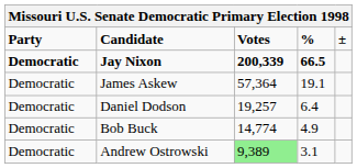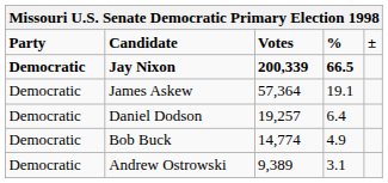 <table class="wikitable">
 <tr>
 <th colspan="5">Missouri U.S. Senate Democratic Primary Election 1998</th>
 </tr>
 <tr>
 <td><strong>Party</strong></td>
 <td><strong>Candidate</strong></td>
 <td><strong>Votes</strong></td>
 <td><strong>%</strong></td>
 <td><strong>±</strong></td>
 </tr>
 <tr>
 <td><strong>Democratic</strong></td>
 <td><strong>Jay Nixon</strong></td>
 <td><strong>200,339</strong></td>
 <td><strong>66.5</strong></td>
 <td></td>
 </tr>
 <tr>
 <td>Democratic</td>
 <td>James Askew</td>
 <td>57,364</td>
 <td>19.1</td>
 <td></td>
 </tr>
 <tr>
 <td>Democratic</td>
 <td>Daniel Dodson</td>
 <td>19,257</td>
 <td>6.4</td>
 <td></td>
 </tr>
 <tr>
 <td>Democratic</td>
 <td>Bob Buck</td>
 <td>14,774</td>
 <td>4.9</td>
 <td></td>
 </tr>
 <tr>
 <td>Democratic</td>
 <td>Andrew Ostrowski</td>
-<td style="background: lightgreen;">9,389</td>
+<td>9,389</td>
 <td>3.1</td>
 <td></td>
 </tr>
 </table>
